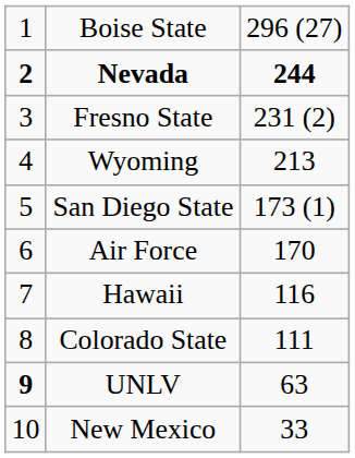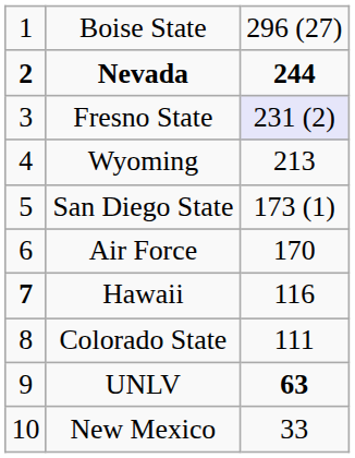 <table class="wikitable" style="display: inline-table;">
 <tr align="center">
 <td>1</td>
 <td>Boise State</td>
 <td>296 (27)</td>
 </tr>
 <tr align="center">
 <td><strong>2</strong></td>
 <td><strong>Nevada</strong></td>
 <td><strong>244</strong></td>
 </tr>
 <tr align="center">
 <td>3</td>
 <td>Fresno State</td>
-<td>231 (2)</td>
+<td style="background: lavender;">231 (2)</td>
 </tr>
 <tr align="center">
 <td>4</td>
 <td>Wyoming</td>
 <td>213</td>
 </tr>
 <tr align="center">
 <td>5</td>
 <td>San Diego State</td>
 <td>173 (1)</td>
 </tr>
 <tr align="center">
 <td>6</td>
 <td>Air Force</td>
 <td>170</td>
 </tr>
 <tr align="center">
-<td>7</td>
+<td><strong>7</strong></td>
 <td>Hawaii</td>
 <td>116</td>
 </tr>
 <tr align="center">
 <td>8</td>
 <td>Colorado State</td>
 <td>111</td>
 </tr>
 <tr align="center">
-<td><strong>9</strong></td>
+<td>9</td>
 <td>UNLV</td>
-<td>63</td>
+<td><strong>63</strong></td>
 </tr>
 <tr align="center">
 <td>10</td>
 <td>New Mexico</td>
 <td>33</td>
 </tr>
 </table>
